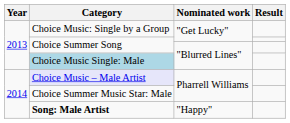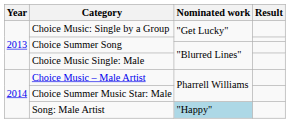 <table class="wikitable">
 <tr>
 <th>Year</th>
 <th>Category</th>
 <th>Nominated work</th>
 <th>Result</th>
 </tr>
 <tr>
 <td rowspan="4"><a href='#'>2013</a></td>
 <td>Choice Music: Single by a Group</td>
 <td rowspan="2">"Get Lucky"</td>
 <td></td>
 </tr>
 <tr>
 <td rowspan="2">Choice Summer Song</td>
 <td></td>
 </tr>
 <tr>
 <td rowspan="2">"Blurred Lines"</td>
 <td></td>
 </tr>
 <tr>
-<td style="background: lightblue;">Choice Music Single: Male</td>
+<td>Choice Music Single: Male</td>
 <td></td>
 </tr>
 <tr>
 <td rowspan="3"><a href='#'>2014</a></td>
-<td style="background: lavender;"><a href='#'>Choice Music – Male Artist</a></td>
+<td><a href='#'>Choice Music – Male Artist</a></td>
 <td rowspan="2">Pharrell Williams</td>
 <td></td>
 </tr>
 <tr>
 <td>Choice Summer Music Star: Male</td>
 <td></td>
 </tr>
 <tr>
-<td><strong>Song: Male Artist</strong></td>
-<td>"Happy"</td>
+<td>Song: Male Artist</td>
+<td style="background: lightblue;">"Happy"</td>
 <td></td>
 </tr>
 </table>
